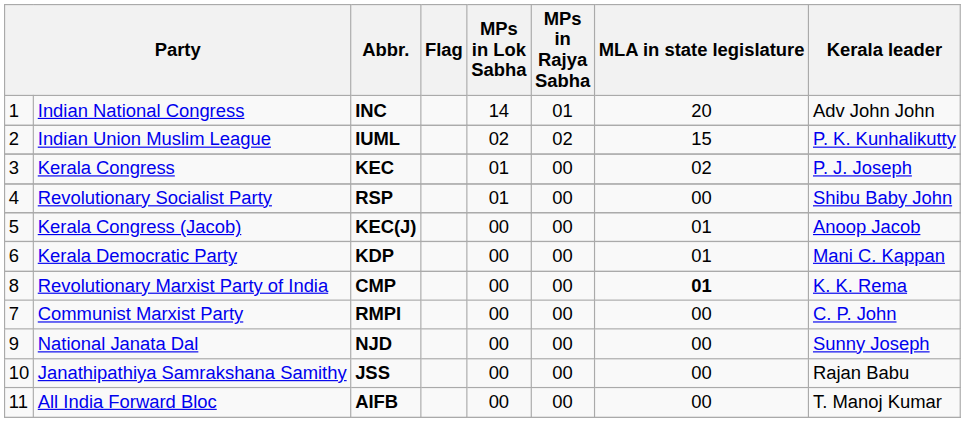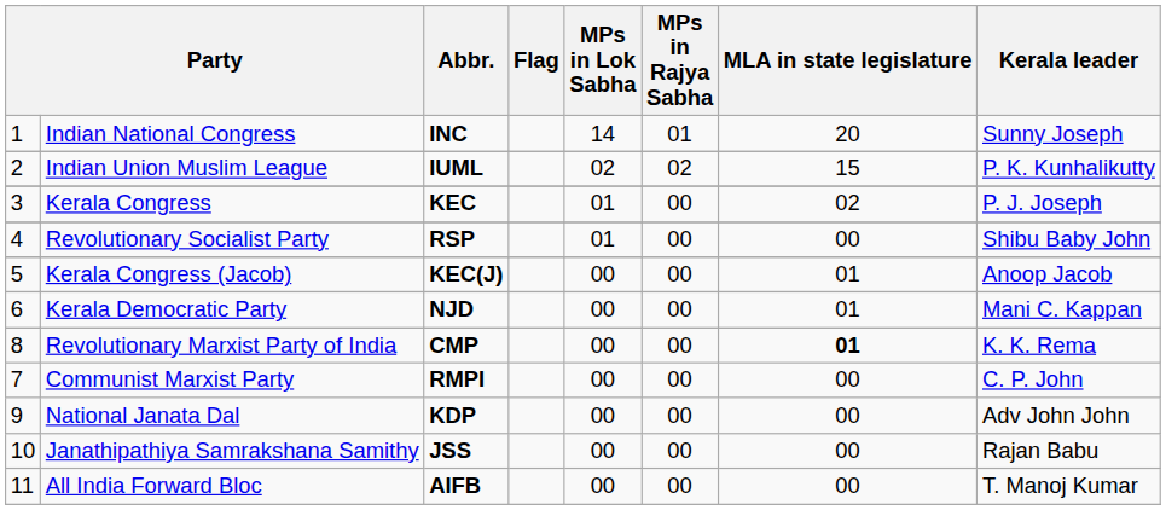 <table class="wikitable sortable">
 <tr>
 <th colspan="2" style="width:10px;">Party</th>
 <th>Abbr.</th>
 <th>Flag</th>
 <th style="width:10px;">MPs in Lok Sabha</th>
 <th style="width:10px;">MPs in Rajya Sabha</th>
 <th>MLA in state legislature</th>
 <th>Kerala leader</th>
 </tr>
 <tr>
 <td style="background-color:">1</td>
 <td><a href='#'>Indian National Congress</a></td>
 <td><strong>INC</strong></td>
 <td></td>
 <td style="text-align: center;">14</td>
 <td style="text-align: center;">01</td>
 <td style="text-align: center;">20</td>
-<td>Adv John John</td>
+<td><a href='#'>Sunny Joseph</a></td>
 </tr>
 <tr>
 </tr>
 <tr>
 <td style="background-color:">2</td>
 <td><a href='#'>Indian Union Muslim League</a></td>
 <td><strong>IUML</strong></td>
 <td></td>
 <td style="text-align: center;">02</td>
 <td style="text-align: center;">02</td>
 <td style="text-align: center;">15</td>
 <td><a href='#'>P. K. Kunhalikutty</a></td>
 </tr>
 <tr>
 </tr>
 <tr>
 <td style="background-color:">3</td>
 <td><a href='#'>Kerala Congress</a></td>
 <td><strong>KEC</strong></td>
 <td></td>
 <td style="text-align: center;">01</td>
 <td style="text-align: center;">00</td>
 <td style="text-align: center;">02</td>
 <td><a href='#'>P. J. Joseph</a></td>
 </tr>
 <tr>
 </tr>
 <tr>
 <td style="background-color:">4</td>
 <td><a href='#'>Revolutionary Socialist Party</a></td>
 <td><strong>RSP</strong></td>
 <td></td>
 <td style="text-align: center;">01</td>
 <td style="text-align: center;">00</td>
 <td style="text-align: center;">00</td>
 <td><a href='#'>Shibu Baby John</a></td>
 </tr>
 <tr>
 </tr>
 <tr>
 <td style="background-color:">5</td>
 <td><a href='#'>Kerala Congress (Jacob)</a></td>
 <td><strong>KEC(J)</strong></td>
 <td></td>
 <td style="text-align: center;">00</td>
 <td style="text-align: center;">00</td>
 <td style="text-align: center;">01</td>
 <td><a href='#'>Anoop Jacob</a></td>
 </tr>
 <tr>
 </tr>
 <tr>
 <td style="background-color:">6</td>
 <td><a href='#'>Kerala Democratic Party</a></td>
-<td><strong>KDP</strong></td>
+<td><strong>NJD</strong></td>
 <td></td>
 <td style="text-align: center;">00</td>
 <td style="text-align: center;">00</td>
 <td style="text-align: center;">01</td>
 <td><a href='#'>Mani C. Kappan</a></td>
 </tr>
 <tr>
 </tr>
 <tr>
 <td style="background-color:">8</td>
 <td><a href='#'>Revolutionary Marxist Party of India</a></td>
 <td><strong>CMP</strong></td>
 <td></td>
 <td style="text-align: center;">00</td>
 <td style="text-align: center;">00</td>
 <td style="text-align: center;"><strong>01</strong></td>
 <td><a href='#'>K. K. Rema</a></td>
 </tr>
 <tr>
 <td style="background-color:">7</td>
 <td><a href='#'>Communist Marxist Party</a></td>
 <td><strong>RMPI</strong></td>
 <td></td>
 <td style="text-align: center;">00</td>
 <td style="text-align: center;">00</td>
 <td style="text-align: center;">00</td>
 <td><a href='#'>C. P. John</a></td>
 </tr>
 <tr>
 <td style="background-color:">9</td>
 <td><a href='#'>National Janata Dal</a></td>
-<td><strong>NJD</strong></td>
+<td><strong>KDP</strong></td>
 <td></td>
 <td style="text-align: center;">00</td>
 <td style="text-align: center;">00</td>
 <td style="text-align: center;">00</td>
-<td><a href='#'>Sunny Joseph</a></td>
+<td>Adv John John</td>
 </tr>
 <tr>
 <td style="background-color:">10</td>
 <td><a href='#'>Janathipathiya Samrakshana Samithy</a></td>
 <td><strong>JSS</strong></td>
 <td></td>
 <td style="text-align: center;">00</td>
 <td style="text-align: center;">00</td>
 <td style="text-align: center;">00</td>
 <td>Rajan Babu</td>
 </tr>
 <tr>
 <td style="background-color:">11</td>
 <td><a href='#'>All India Forward Bloc</a></td>
 <td><strong>AIFB</strong></td>
 <td></td>
 <td style="text-align: center;">00</td>
 <td style="text-align: center;">00</td>
 <td style="text-align: center;">00</td>
 <td>T. Manoj Kumar</td>
 </tr>
 <tr>
 </tr>
 </table>
